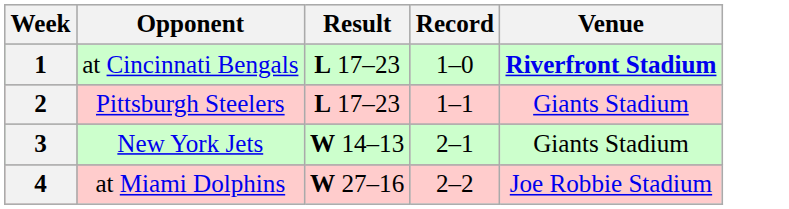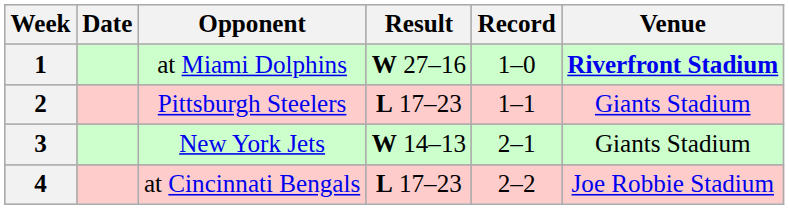 <table class="wikitable" style="text-align:center">
 <tr>
 <th>Week</th>
+<th>Date</th>
 <th>Opponent</th>
 <th>Result</th>
 <th>Record</th>
 <th>Venue</th>
 </tr>
 <tr style="background:#cfc">
 <th>1</th>
-<td>at <a href='#'>Cincinnati Bengals</a></td>
-<td><strong>L</strong> 17–23</td>
+<td></td>
+<td>at <a href='#'>Miami Dolphins</a></td>
+<td><strong>W</strong> 27–16</td>
 <td>1–0</td>
 <td><strong><a href='#'>Riverfront Stadium</a></strong></td>
 </tr>
 <tr style="background:#fcc">
 <th>2</th>
+<td></td>
 <td><a href='#'>Pittsburgh Steelers</a></td>
 <td><strong>L</strong> 17–23</td>
 <td>1–1</td>
 <td><a href='#'>Giants Stadium</a></td>
 </tr>
 <tr style="background:#cfc">
 <th>3</th>
+<td></td>
 <td><a href='#'>New York Jets</a></td>
 <td><strong>W</strong> 14–13</td>
 <td>2–1</td>
 <td>Giants Stadium</td>
 </tr>
 <tr style="background:#fcc">
 <th>4</th>
-<td>at <a href='#'>Miami Dolphins</a></td>
-<td><strong>W</strong> 27–16</td>
+<td></td>
+<td>at <a href='#'>Cincinnati Bengals</a></td>
+<td><strong>L</strong> 17–23</td>
 <td>2–2</td>
 <td><a href='#'>Joe Robbie Stadium</a></td>
 </tr>
 </table>
